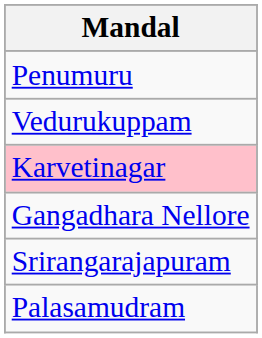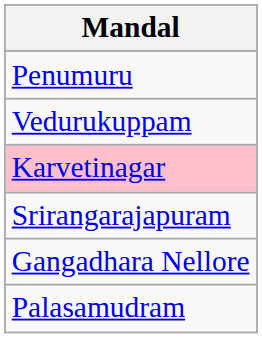 <table class="wikitable sortable static-row-numbers static-row-header-hash">
 <tr>
 <th>Mandal</th>
 </tr>
 <tr>
 <td><a href='#'>Penumuru</a></td>
 </tr>
 <tr>
 <td><a href='#'>Vedurukuppam</a></td>
 </tr>
 <tr>
 <td style="background: pink;"><a href='#'>Karvetinagar</a></td>
 </tr>
 <tr>
-<td><a href='#'>Gangadhara Nellore</a></td>
+<td><a href='#'>Srirangarajapuram</a></td>
 </tr>
 <tr>
-<td><a href='#'>Srirangarajapuram</a></td>
+<td><a href='#'>Gangadhara Nellore</a></td>
 </tr>
 <tr>
 <td><a href='#'>Palasamudram</a></td>
 </tr>
 </table>
